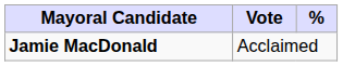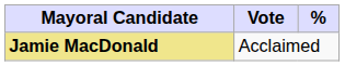 <table class="wikitable">
 <tr>
 <th style="background:#ddf; width:200px;">Mayoral Candidate</th>
 <th style="background:#ddf; width:50px;">Vote</th>
 <th style="background:#ddf; width:30px;">%</th>
 </tr>
 <tr>
-<td><strong>Jamie MacDonald</strong></td>
+<td style="background: khaki;"><strong>Jamie MacDonald</strong></td>
 <td colspan="2">Acclaimed</td>
 </tr>
 </table>
